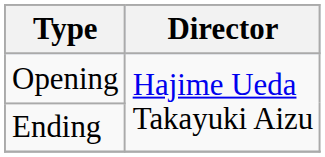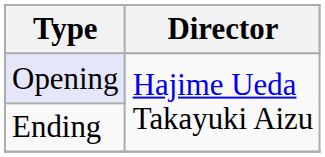 <table class="wikitable">
 <tr style="background:#b0c4de; text-align:center;">
 <th>Type</th>
 <th>Director</th>
 </tr>
 <tr>
-<td>Opening</td>
+<td style="background: lavender;">Opening</td>
 <td rowspan="2"><a href='#'>Hajime Ueda</a><br>Takayuki Aizu</td>
 </tr>
 <tr>
 <td>Ending</td>
 </tr>
 <tr>
 </tr>
 </table>
